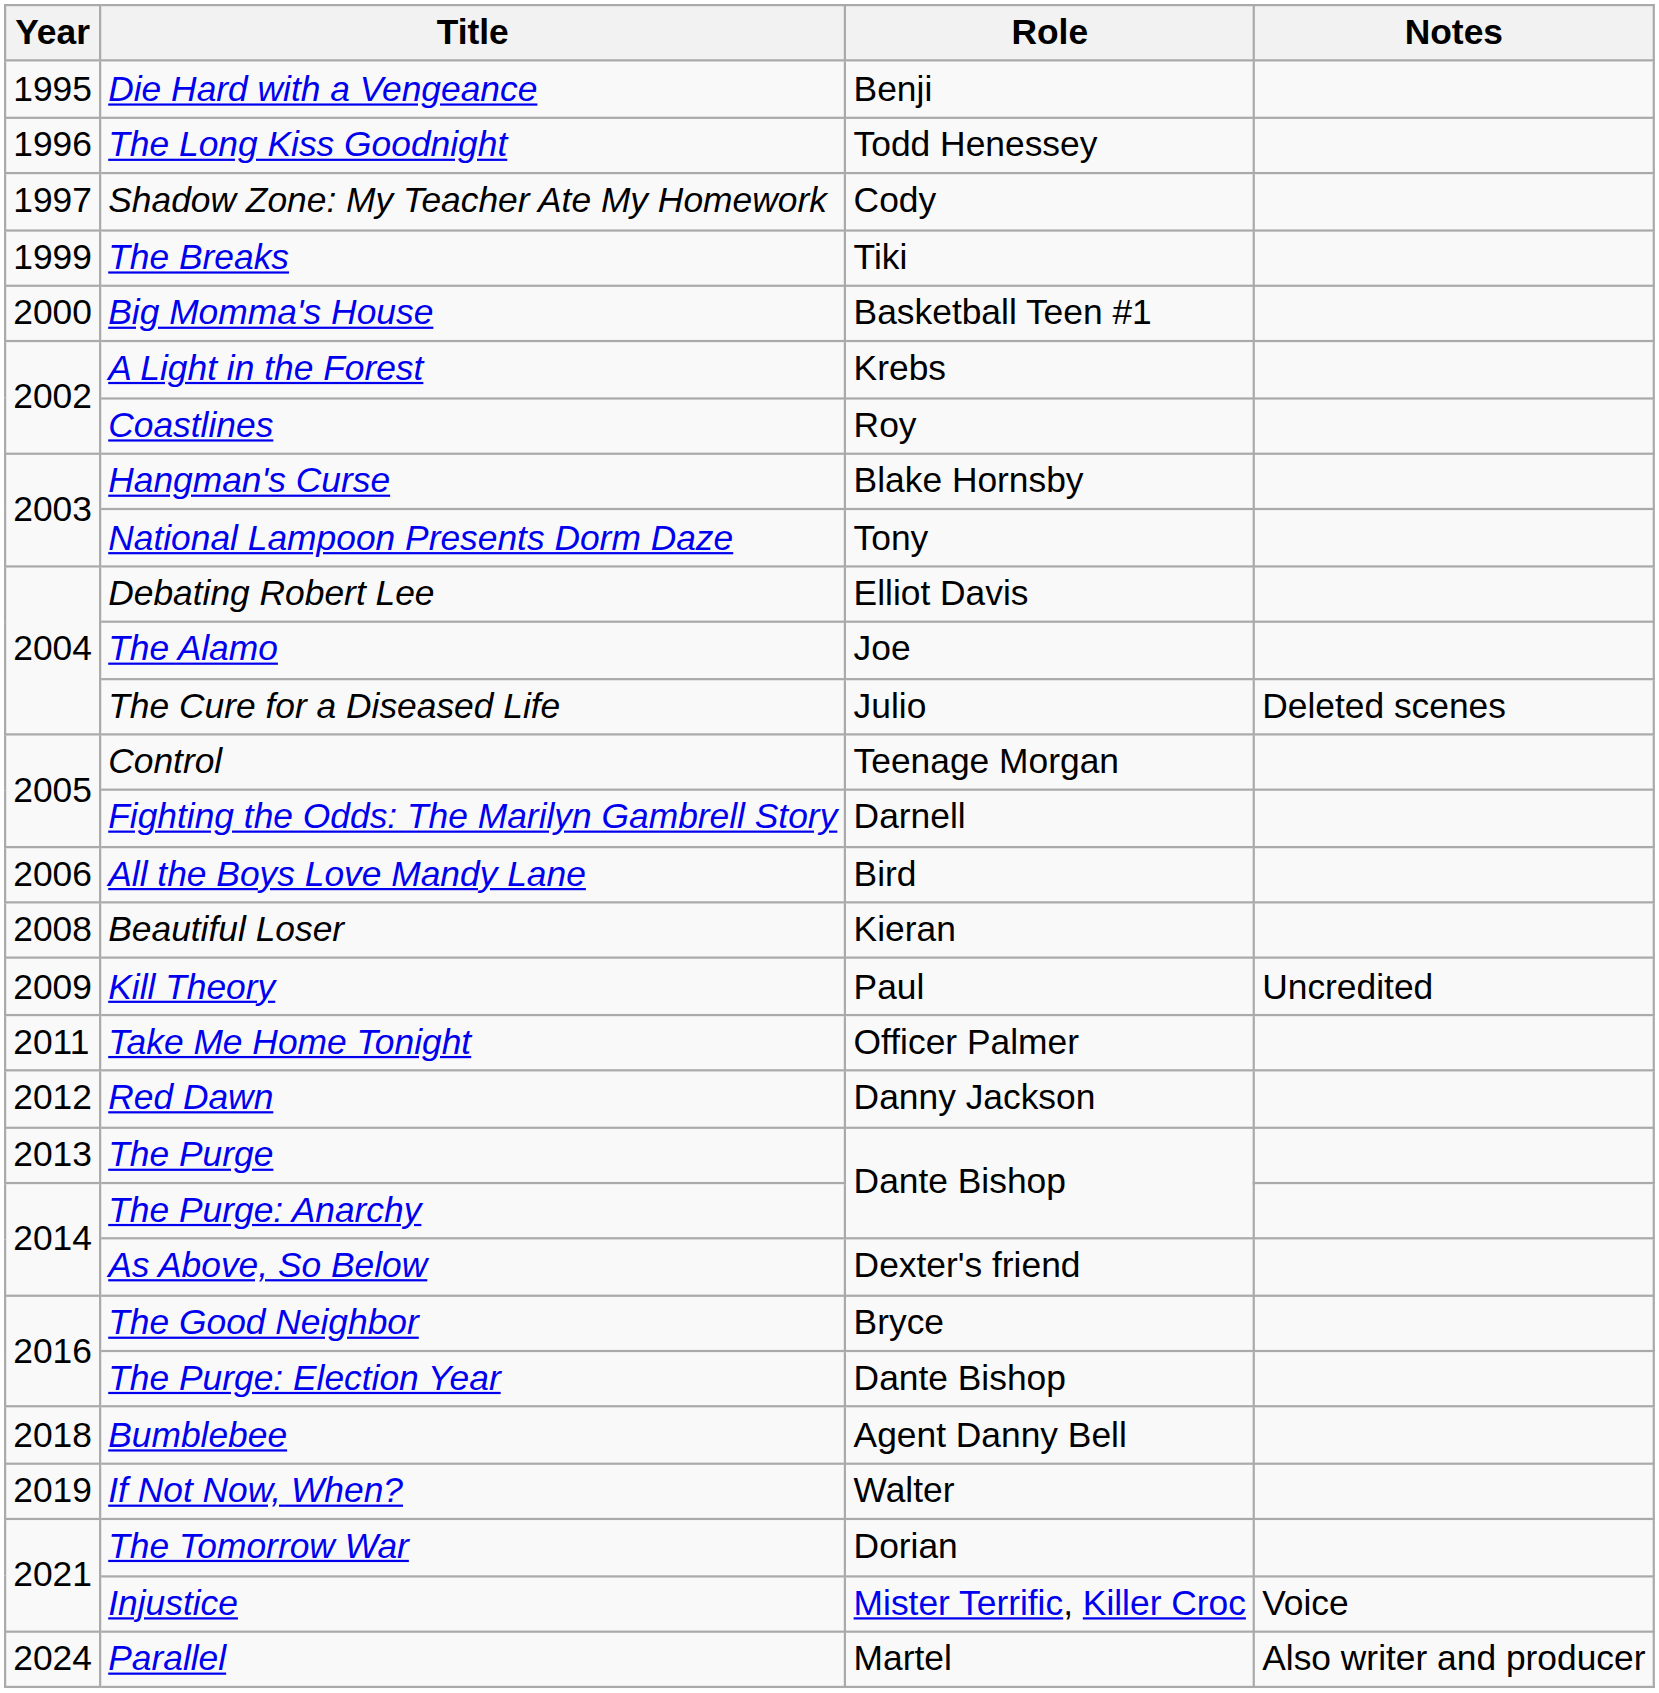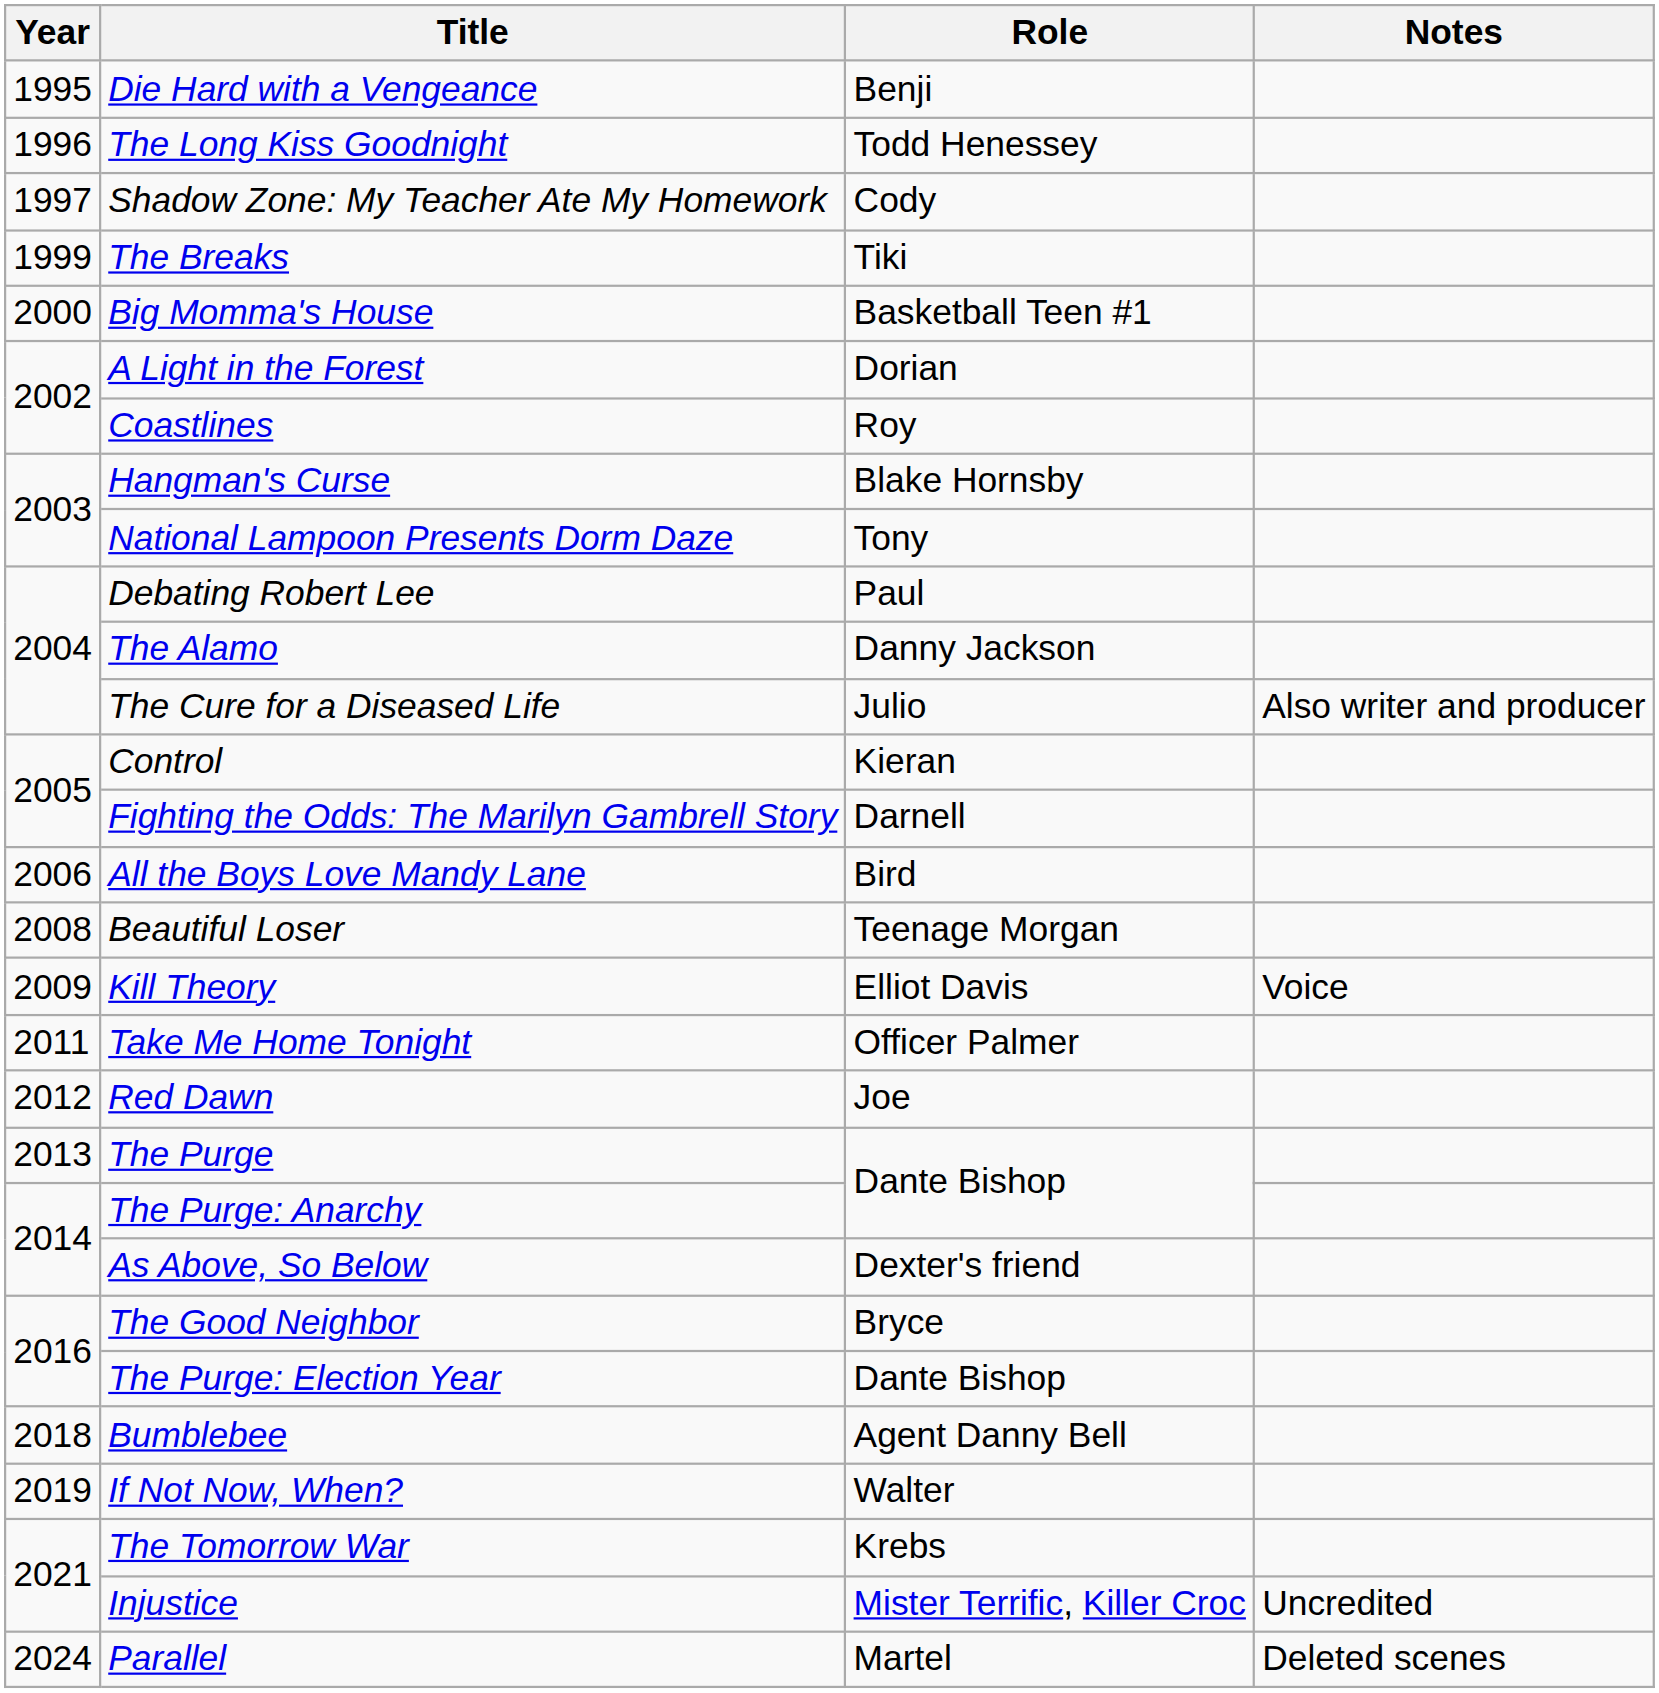 <table class="wikitable sortable">
 <tr>
 <th>Year</th>
 <th>Title</th>
 <th>Role</th>
 <th class="unsortable">Notes</th>
 </tr>
 <tr>
 <td>1995</td>
 <td><em><a href='#'>Die Hard with a Vengeance</a></em></td>
 <td>Benji</td>
 <td></td>
 </tr>
 <tr>
 <td>1996</td>
 <td><em><a href='#'>The Long Kiss Goodnight</a></em></td>
 <td>Todd Henessey</td>
 <td></td>
 </tr>
 <tr>
 <td>1997</td>
 <td><em>Shadow Zone: My Teacher Ate My Homework</em></td>
 <td>Cody</td>
 <td></td>
 </tr>
 <tr>
 <td>1999</td>
 <td><em><a href='#'>The Breaks</a></em></td>
 <td>Tiki</td>
 <td></td>
 </tr>
 <tr>
 <td>2000</td>
 <td><em><a href='#'>Big Momma's House</a></em></td>
 <td>Basketball Teen #1</td>
 <td></td>
 </tr>
 <tr>
 <td rowspan="2">2002</td>
 <td><em><a href='#'>A Light in the Forest</a></em></td>
-<td>Krebs</td>
+<td>Dorian</td>
 <td></td>
 </tr>
 <tr>
 <td><em><a href='#'>Coastlines</a></em></td>
 <td>Roy</td>
 <td></td>
 </tr>
 <tr>
 <td rowspan="2">2003</td>
 <td><em><a href='#'>Hangman's Curse</a></em></td>
 <td>Blake Hornsby</td>
 <td></td>
 </tr>
 <tr>
 <td><em><a href='#'>National Lampoon Presents Dorm Daze</a></em></td>
 <td>Tony</td>
 <td></td>
 </tr>
 <tr>
 <td rowspan="3">2004</td>
 <td><em>Debating Robert Lee</em></td>
-<td>Elliot Davis</td>
+<td>Paul</td>
 <td></td>
 </tr>
 <tr>
 <td><em><a href='#'>The Alamo</a></em></td>
-<td>Joe</td>
+<td>Danny Jackson</td>
 <td></td>
 </tr>
 <tr>
 <td><em>The Cure for a Diseased Life</em></td>
 <td>Julio</td>
-<td>Deleted scenes</td>
+<td>Also writer and producer</td>
 </tr>
 <tr>
 <td rowspan="2">2005</td>
 <td><em>Control</em></td>
-<td>Teenage Morgan</td>
+<td>Kieran</td>
 <td></td>
 </tr>
 <tr>
 <td><em><a href='#'>Fighting the Odds: The Marilyn Gambrell Story</a></em></td>
 <td>Darnell</td>
 <td></td>
 </tr>
 <tr>
 <td>2006</td>
 <td><em><a href='#'>All the Boys Love Mandy Lane</a></em></td>
 <td>Bird</td>
 <td></td>
 </tr>
 <tr>
 <td>2008</td>
 <td><em>Beautiful Loser</em></td>
-<td>Kieran</td>
+<td>Teenage Morgan</td>
 <td></td>
 </tr>
 <tr>
 <td>2009</td>
 <td><em><a href='#'>Kill Theory</a></em></td>
-<td>Paul</td>
-<td>Uncredited</td>
+<td>Elliot Davis</td>
+<td>Voice</td>
 </tr>
 <tr>
 <td>2011</td>
 <td><em><a href='#'>Take Me Home Tonight</a></em></td>
 <td>Officer Palmer</td>
 <td></td>
 </tr>
 <tr>
 <td>2012</td>
 <td><em><a href='#'>Red Dawn</a></em></td>
-<td>Danny Jackson</td>
+<td>Joe</td>
 <td></td>
 </tr>
 <tr>
 <td>2013</td>
 <td><em><a href='#'>The Purge</a></em></td>
 <td rowspan="2">Dante Bishop</td>
 <td></td>
 </tr>
 <tr>
 <td rowspan="2">2014</td>
 <td><em><a href='#'>The Purge: Anarchy</a></em></td>
 <td></td>
 </tr>
 <tr>
 <td><em><a href='#'>As Above, So Below</a></em></td>
 <td>Dexter's friend</td>
 <td></td>
 </tr>
 <tr>
 <td rowspan="2">2016</td>
 <td><em><a href='#'>The Good Neighbor</a></em></td>
 <td>Bryce</td>
 <td></td>
 </tr>
 <tr>
 <td><em><a href='#'>The Purge: Election Year</a></em></td>
 <td>Dante Bishop</td>
 <td></td>
 </tr>
 <tr>
 <td>2018</td>
 <td><em><a href='#'>Bumblebee</a></em></td>
 <td>Agent Danny Bell</td>
 <td></td>
 </tr>
 <tr>
 <td>2019</td>
 <td><em><a href='#'>If Not Now, When?</a></em></td>
 <td>Walter</td>
 <td></td>
 </tr>
 <tr>
 <td rowspan="2">2021</td>
 <td><em><a href='#'>The Tomorrow War</a></em></td>
-<td>Dorian</td>
+<td>Krebs</td>
 <td></td>
 </tr>
 <tr>
 <td><em><a href='#'>Injustice</a></em></td>
 <td><a href='#'>Mister Terrific</a>, <a href='#'>Killer Croc</a></td>
-<td>Voice</td>
+<td>Uncredited</td>
 </tr>
 <tr>
 <td>2024</td>
 <td><em><a href='#'>Parallel</a></em></td>
 <td>Martel</td>
-<td>Also writer and producer</td>
+<td>Deleted scenes</td>
 </tr>
 </table>
